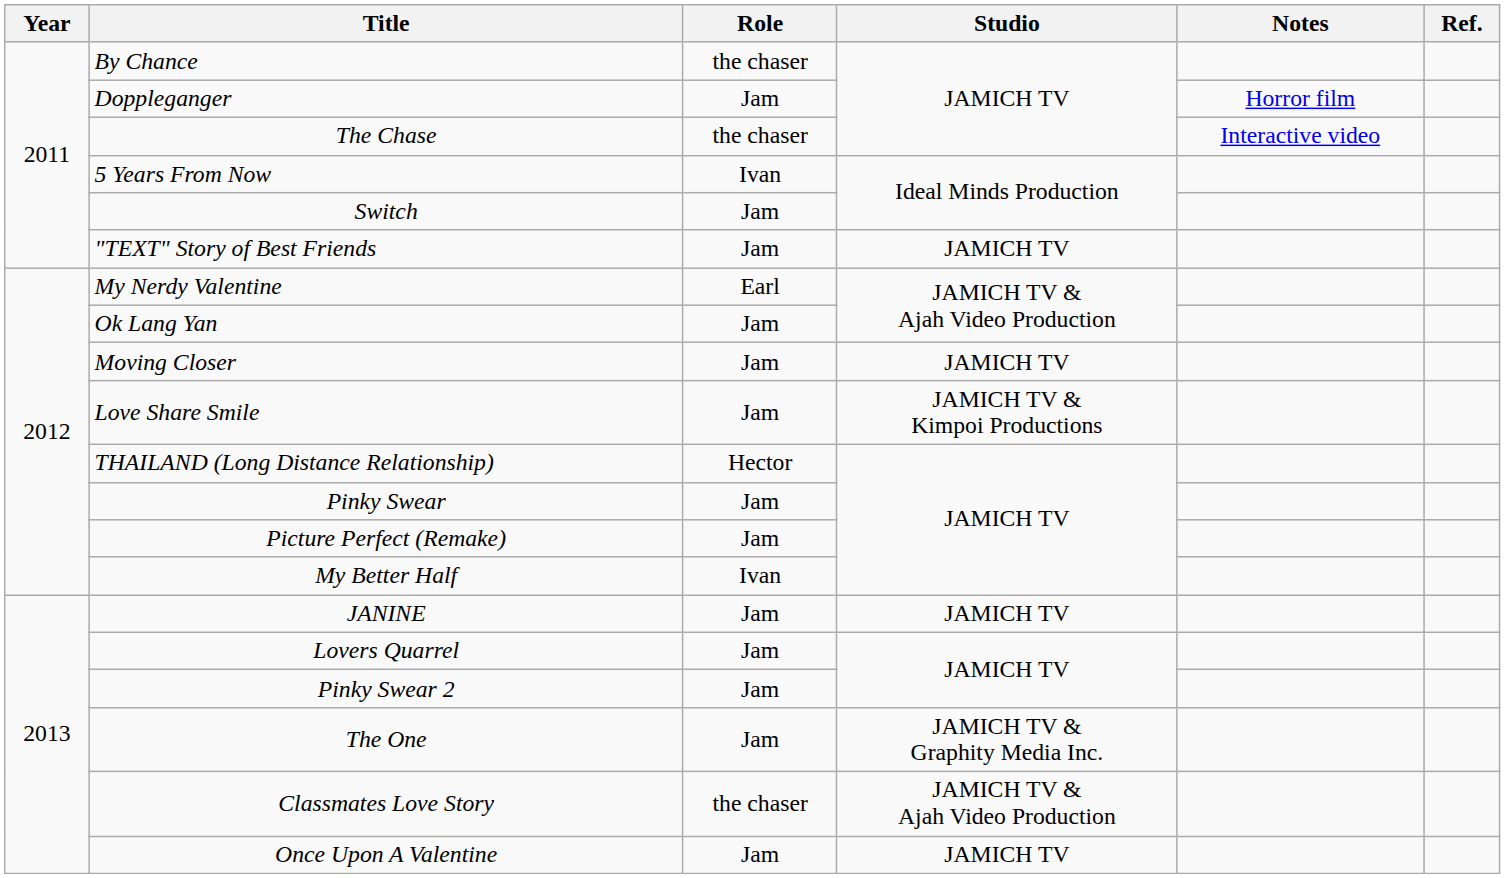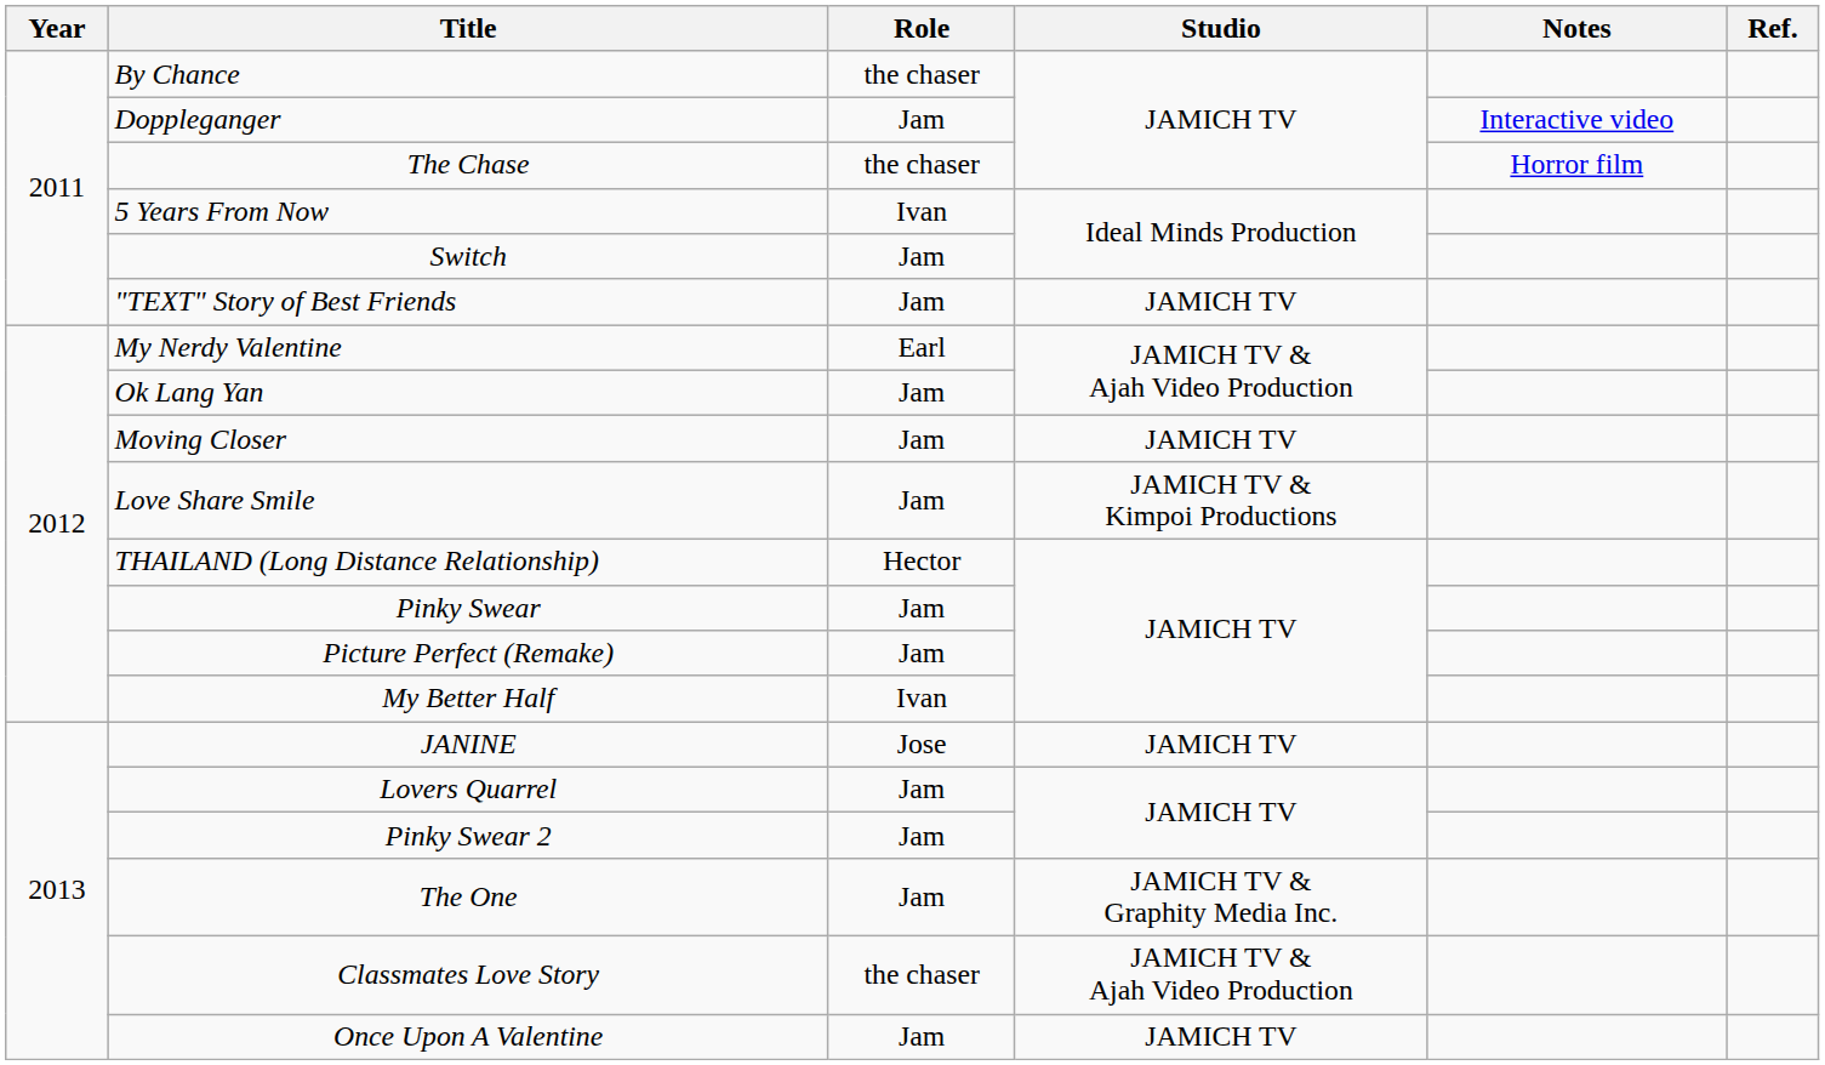 <table class="wikitable" style="text-align:center; width:80%">
 <tr>
 <th>Year</th>
 <th>Title</th>
 <th>Role</th>
 <th>Studio</th>
 <th>Notes</th>
 <th>Ref.</th>
 </tr>
 <tr>
 <td rowspan=6>2011</td>
 <td style="text-align:left"><em>By Chance</em></td>
 <td>the chaser</td>
 <td rowspan=3>JAMICH TV</td>
 <td></td>
 <td></td>
 </tr>
 <tr>
 <td style="text-align:left"><em>Doppleganger</em></td>
 <td>Jam</td>
-<td><a href='#'>Horror film</a></td>
+<td><a href='#'>Interactive video</a></td>
 <td></td>
 </tr>
 <tr>
 <td><em>The Chase</em></td>
 <td>the chaser</td>
-<td><a href='#'>Interactive video</a></td>
+<td><a href='#'>Horror film</a></td>
 <td></td>
 </tr>
 <tr>
 <td style="text-align:left"><em>5 Years From Now</em></td>
 <td>Ivan</td>
 <td rowspan=2>Ideal Minds Production</td>
 <td></td>
 <td></td>
 </tr>
 <tr>
 <td><em>Switch</em></td>
 <td>Jam</td>
 <td></td>
 <td></td>
 </tr>
 <tr>
 <td style="text-align:left"><em>"TEXT" Story of Best Friends</em></td>
 <td>Jam</td>
 <td>JAMICH TV</td>
 <td></td>
 <td></td>
 </tr>
 <tr>
 <td rowspan=8>2012</td>
 <td style="text-align:left"><em>My Nerdy Valentine</em></td>
 <td>Earl</td>
 <td rowspan=2>JAMICH TV &<br>Ajah Video Production</td>
 <td></td>
 <td></td>
 </tr>
 <tr>
 <td style="text-align:left"><em>Ok Lang Yan</em></td>
 <td>Jam</td>
 <td></td>
 <td></td>
 </tr>
 <tr>
 <td style="text-align:left"><em>Moving Closer</em></td>
 <td>Jam</td>
 <td>JAMICH TV</td>
 <td></td>
 <td></td>
 </tr>
 <tr>
 <td style="text-align:left"><em>Love Share Smile</em></td>
 <td>Jam</td>
 <td>JAMICH TV &<br>Kimpoi Productions</td>
 <td></td>
 <td></td>
 </tr>
 <tr>
 <td style="text-align:left"><em>THAILAND (Long Distance Relationship)</em></td>
 <td>Hector</td>
 <td rowspan=4>JAMICH TV</td>
 <td></td>
 <td></td>
 </tr>
 <tr>
 <td><em>Pinky Swear</em></td>
 <td>Jam</td>
 <td></td>
 <td></td>
 </tr>
 <tr>
 <td><em>Picture Perfect (Remake)</em></td>
 <td>Jam</td>
 <td></td>
 <td></td>
 </tr>
 <tr>
 <td><em>My Better Half</em></td>
 <td>Ivan</td>
 <td></td>
 <td></td>
 </tr>
 <tr>
 <td rowspan=6>2013</td>
 <td><em>JANINE</em></td>
-<td>Jam</td>
+<td>Jose</td>
 <td>JAMICH TV</td>
 <td></td>
 <td></td>
 </tr>
 <tr>
 <td><em>Lovers Quarrel</em></td>
 <td>Jam</td>
 <td rowspan=2>JAMICH TV</td>
 <td></td>
 <td></td>
 </tr>
 <tr>
 <td><em>Pinky Swear 2</em></td>
 <td>Jam</td>
 <td></td>
 <td></td>
 </tr>
 <tr>
 <td><em>The One</em></td>
 <td>Jam</td>
 <td>JAMICH TV &<br>Graphity Media Inc.</td>
 <td></td>
 <td></td>
 </tr>
 <tr>
 <td><em>Classmates Love Story</em></td>
 <td>the chaser</td>
 <td>JAMICH TV &<br>Ajah Video Production</td>
 <td></td>
 <td></td>
 </tr>
 <tr>
 <td><em>Once Upon A Valentine</em></td>
 <td>Jam</td>
 <td>JAMICH TV</td>
 <td></td>
 <td></td>
 </tr>
 </table>
